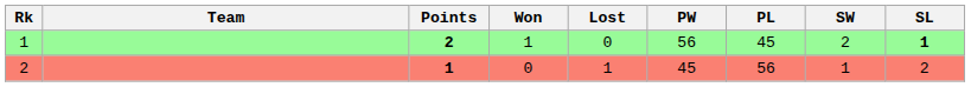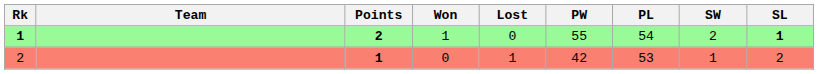 <table class=wikitable style=text-align:center>
 <tr>
 <th width=25>Rk</th>
 <th width=300>Team</th>
 <th width=60>Points</th>
 <th width=60>Won</th>
 <th width=60>Lost</th>
 <th width=60>PW</th>
 <th width=60>PL</th>
 <th width=60>SW</th>
 <th width=60>SL</th>
 </tr>
 <tr style="background: #98fb98">
-<td>1</td>
+<td><strong>1</strong></td>
 <td align=left></td>
 <td><strong>2</strong></td>
 <td>1</td>
 <td>0</td>
-<td>56</td>
-<td>45</td>
+<td>55</td>
+<td>54</td>
 <td>2</td>
 <td><strong>1</strong></td>
 </tr>
 <tr style="background: salmon">
 <td>2</td>
 <td align=left></td>
 <td><strong>1</strong></td>
 <td>0</td>
 <td>1</td>
-<td>45</td>
-<td>56</td>
+<td>42</td>
+<td>53</td>
 <td>1</td>
 <td>2</td>
 </tr>
 </table>
